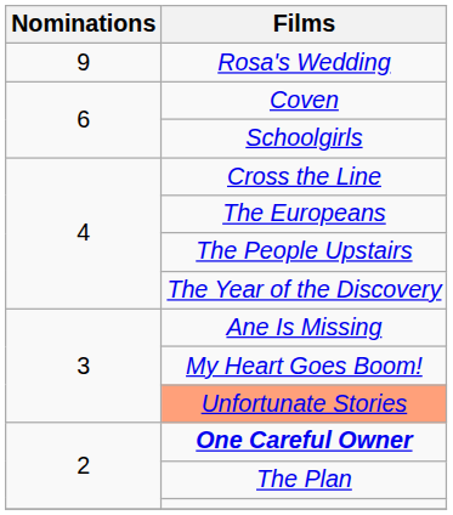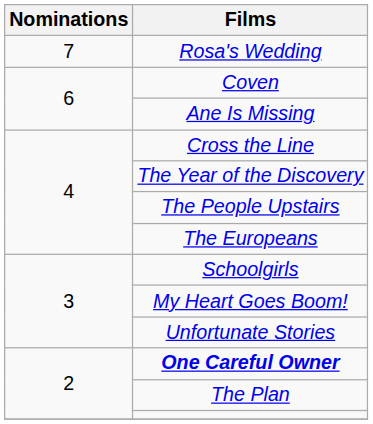 <table class="wikitable plainrowheaders" style="text-align:center;">
 <tr>
 <th scope="col" style="width:55px;">Nominations</th>
 <th scope="col" style="text-align:center;">Films</th>
 </tr>
 <tr>
-<td rowspan="1" style="text-align:center">9</td>
+<td rowspan="1" style="text-align:center">7</td>
 <td><em><a href='#'>Rosa's Wedding</a></em></td>
 </tr>
 <tr>
 <td rowspan="2" style="text-align:center">6</td>
 <td><em><a href='#'>Coven</a></em></td>
 </tr>
 <tr>
-<td><em><a href='#'>Schoolgirls</a></em></td>
+<td><em><a href='#'>Ane Is Missing</a></em></td>
 </tr>
 <tr>
 <td rowspan="4" style="text-align:center">4</td>
 <td><em><a href='#'>Cross the Line</a></em></td>
 </tr>
 <tr>
-<td><em><a href='#'>The Europeans</a></em></td>
+<td><em><a href='#'>The Year of the Discovery</a></em></td>
 </tr>
 <tr>
 <td><em><a href='#'>The People Upstairs</a></em></td>
 </tr>
 <tr>
-<td><em><a href='#'>The Year of the Discovery</a></em></td>
+<td><em><a href='#'>The Europeans</a></em></td>
 </tr>
 <tr>
 <td rowspan="3" style="text-align:center">3</td>
-<td><em><a href='#'>Ane Is Missing</a></em></td>
+<td><em><a href='#'>Schoolgirls</a></em></td>
 </tr>
 <tr>
 <td><em><a href='#'>My Heart Goes Boom!</a></em></td>
 </tr>
 <tr>
-<td style="background: lightsalmon;"><em><a href='#'>Unfortunate Stories</a></em></td>
+<td><em><a href='#'>Unfortunate Stories</a></em></td>
 </tr>
 <tr>
 <td rowspan="3" style="text-align:center">2</td>
 <td><strong><em><a href='#'>One Careful Owner</a></em></strong></td>
 </tr>
 <tr>
 <td><em><a href='#'>The Plan</a></em></td>
 </tr>
 <tr>
 <td><em></em></td>
 </tr>
 <tr>
 </tr>
 </table>
